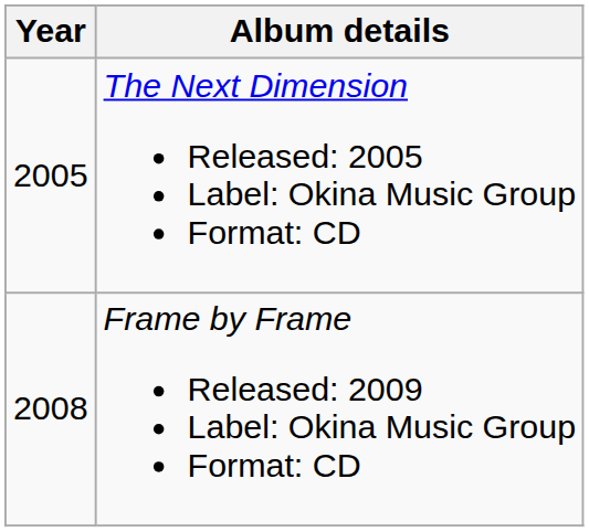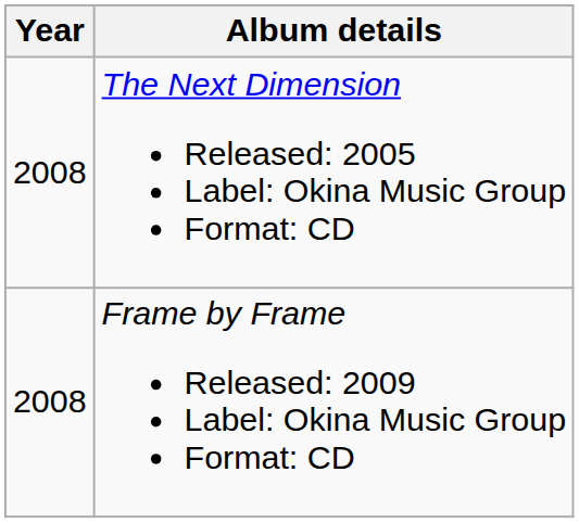 <table class="wikitable">
 <tr>
 <th>Year</th>
 <th>Album details</th>
 </tr>
 <tr>
-<td>2005</td>
+<td>2008</td>
 <td align="left"><em><a href='#'>The Next Dimension</a></em><br><ul><li>Released: 2005</li><li>Label: Okina Music Group</li><li>Format: CD</li></ul></td>
 </tr>
 <tr>
 <td>2008</td>
 <td align="left"><em>Frame by Frame</em><br><ul><li>Released: 2009</li><li>Label: Okina Music Group</li><li>Format: CD</li></ul></td>
 </tr>
 </table>
